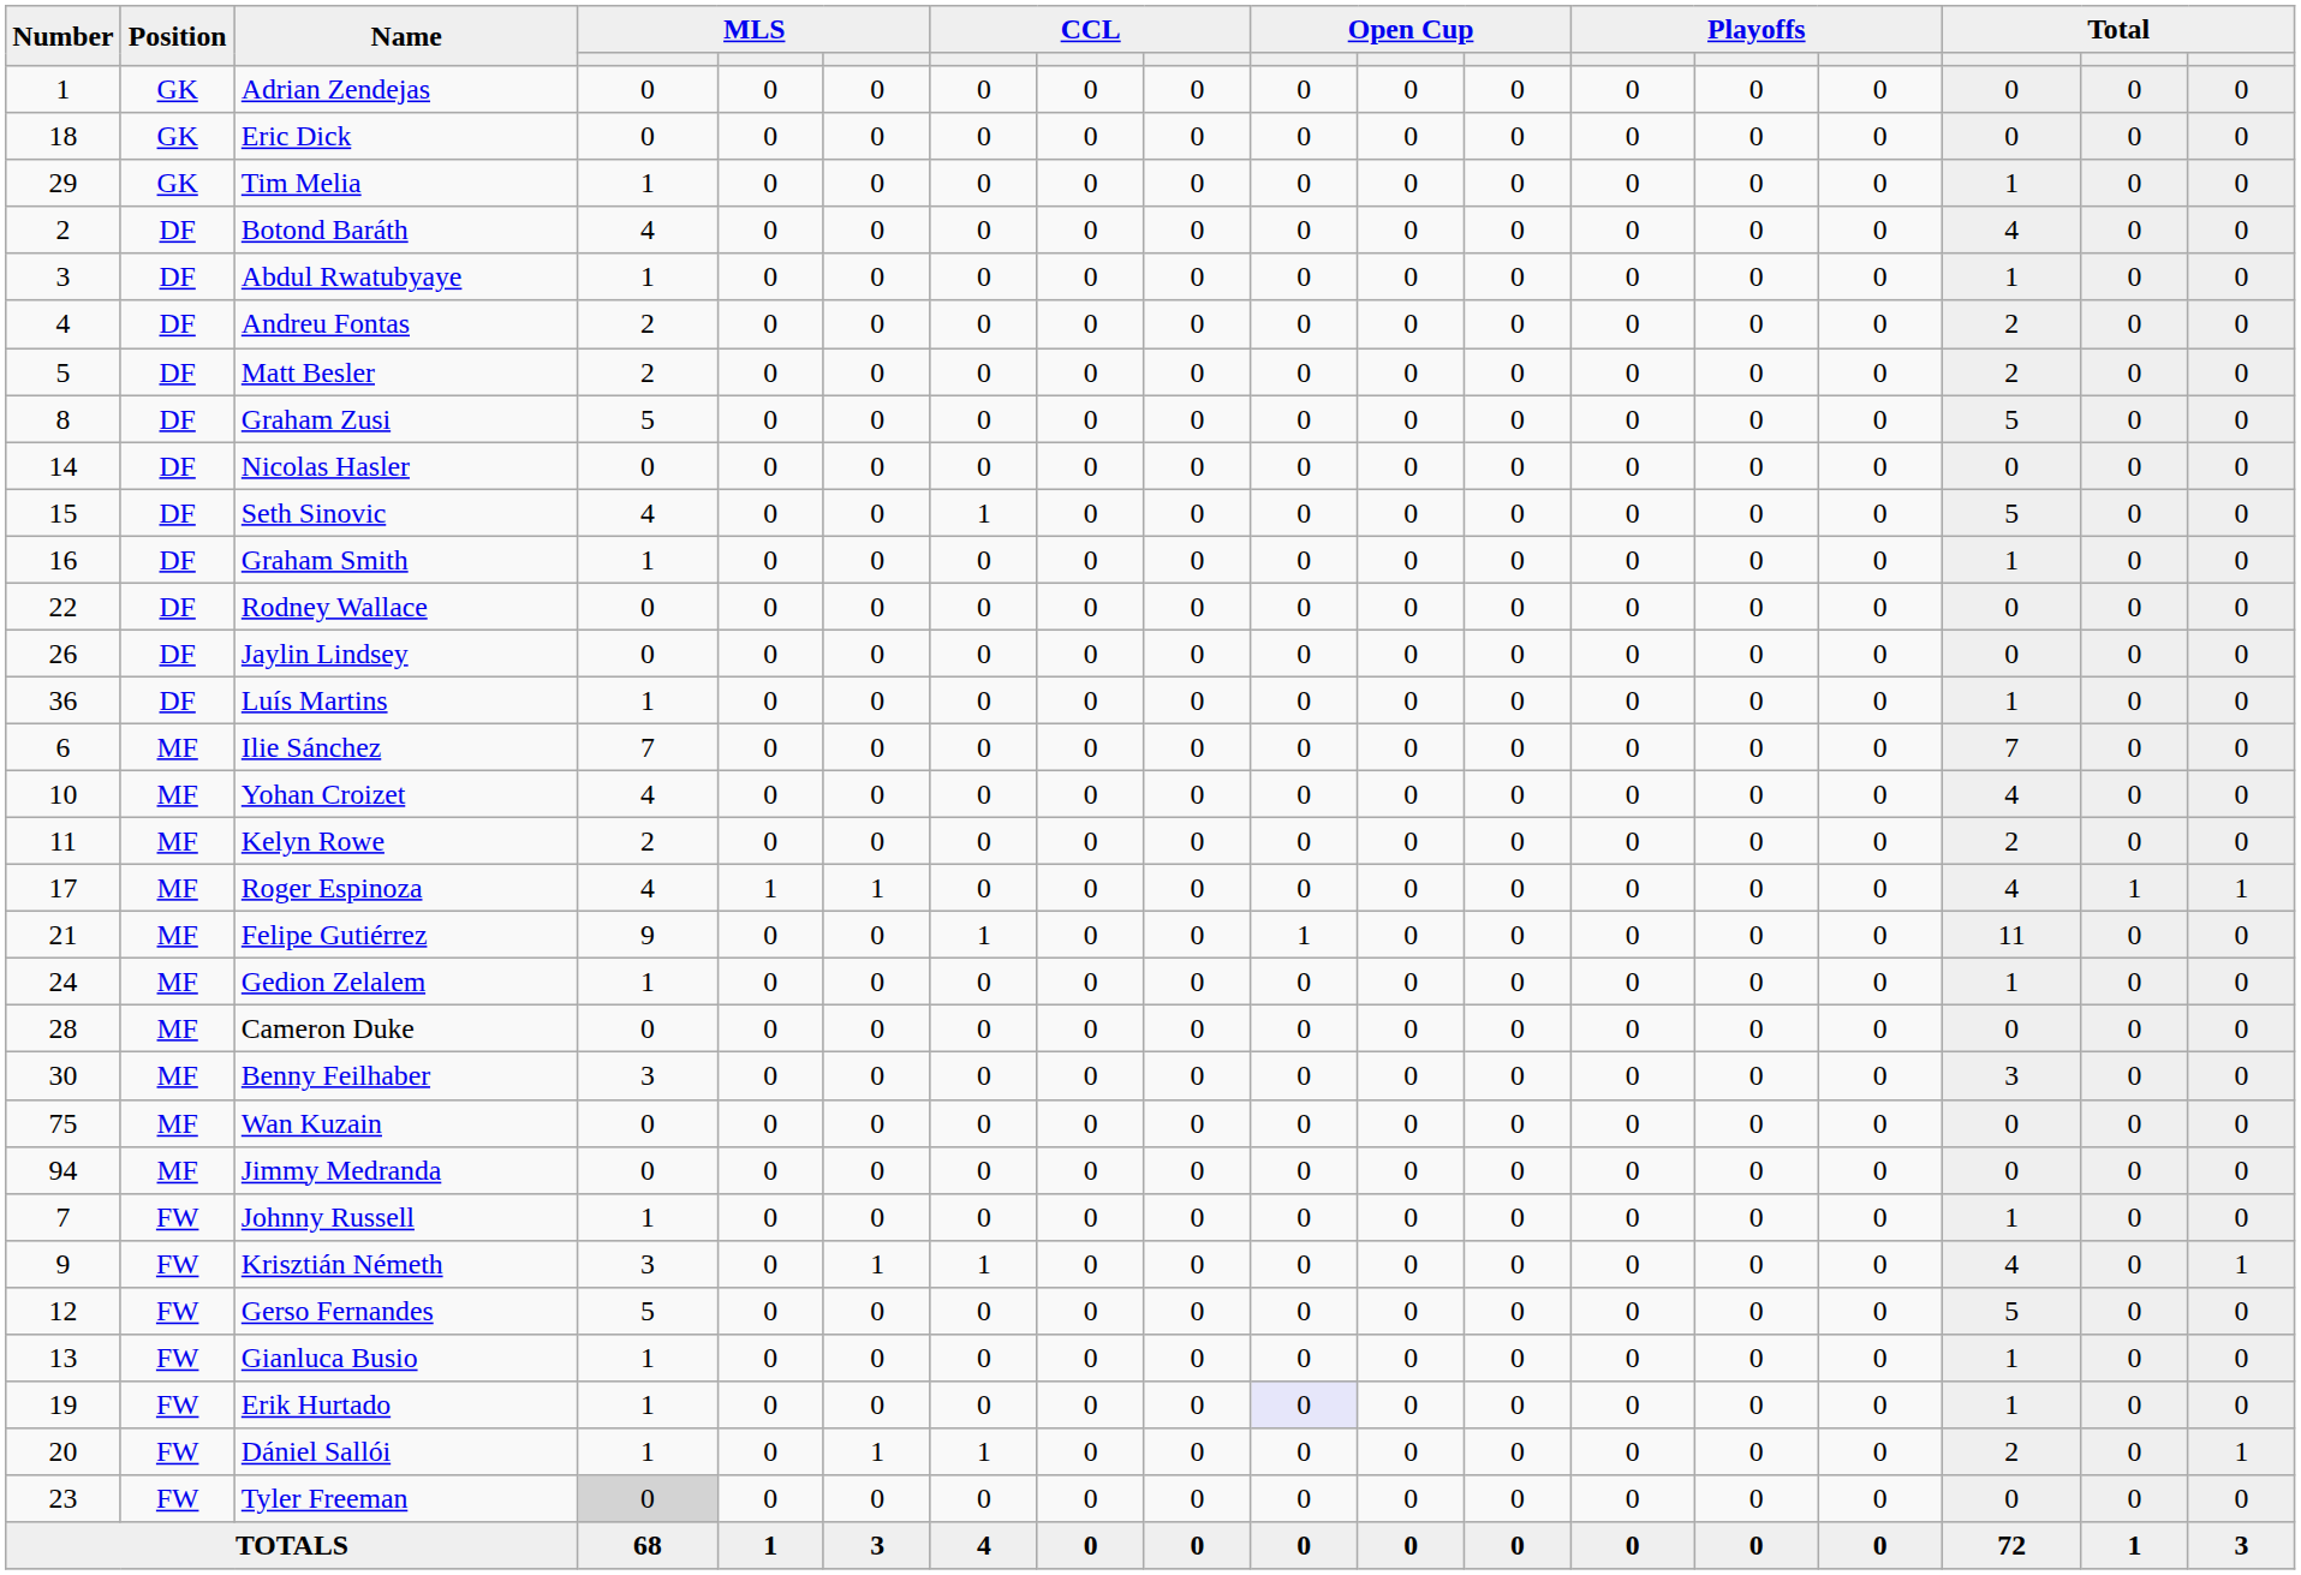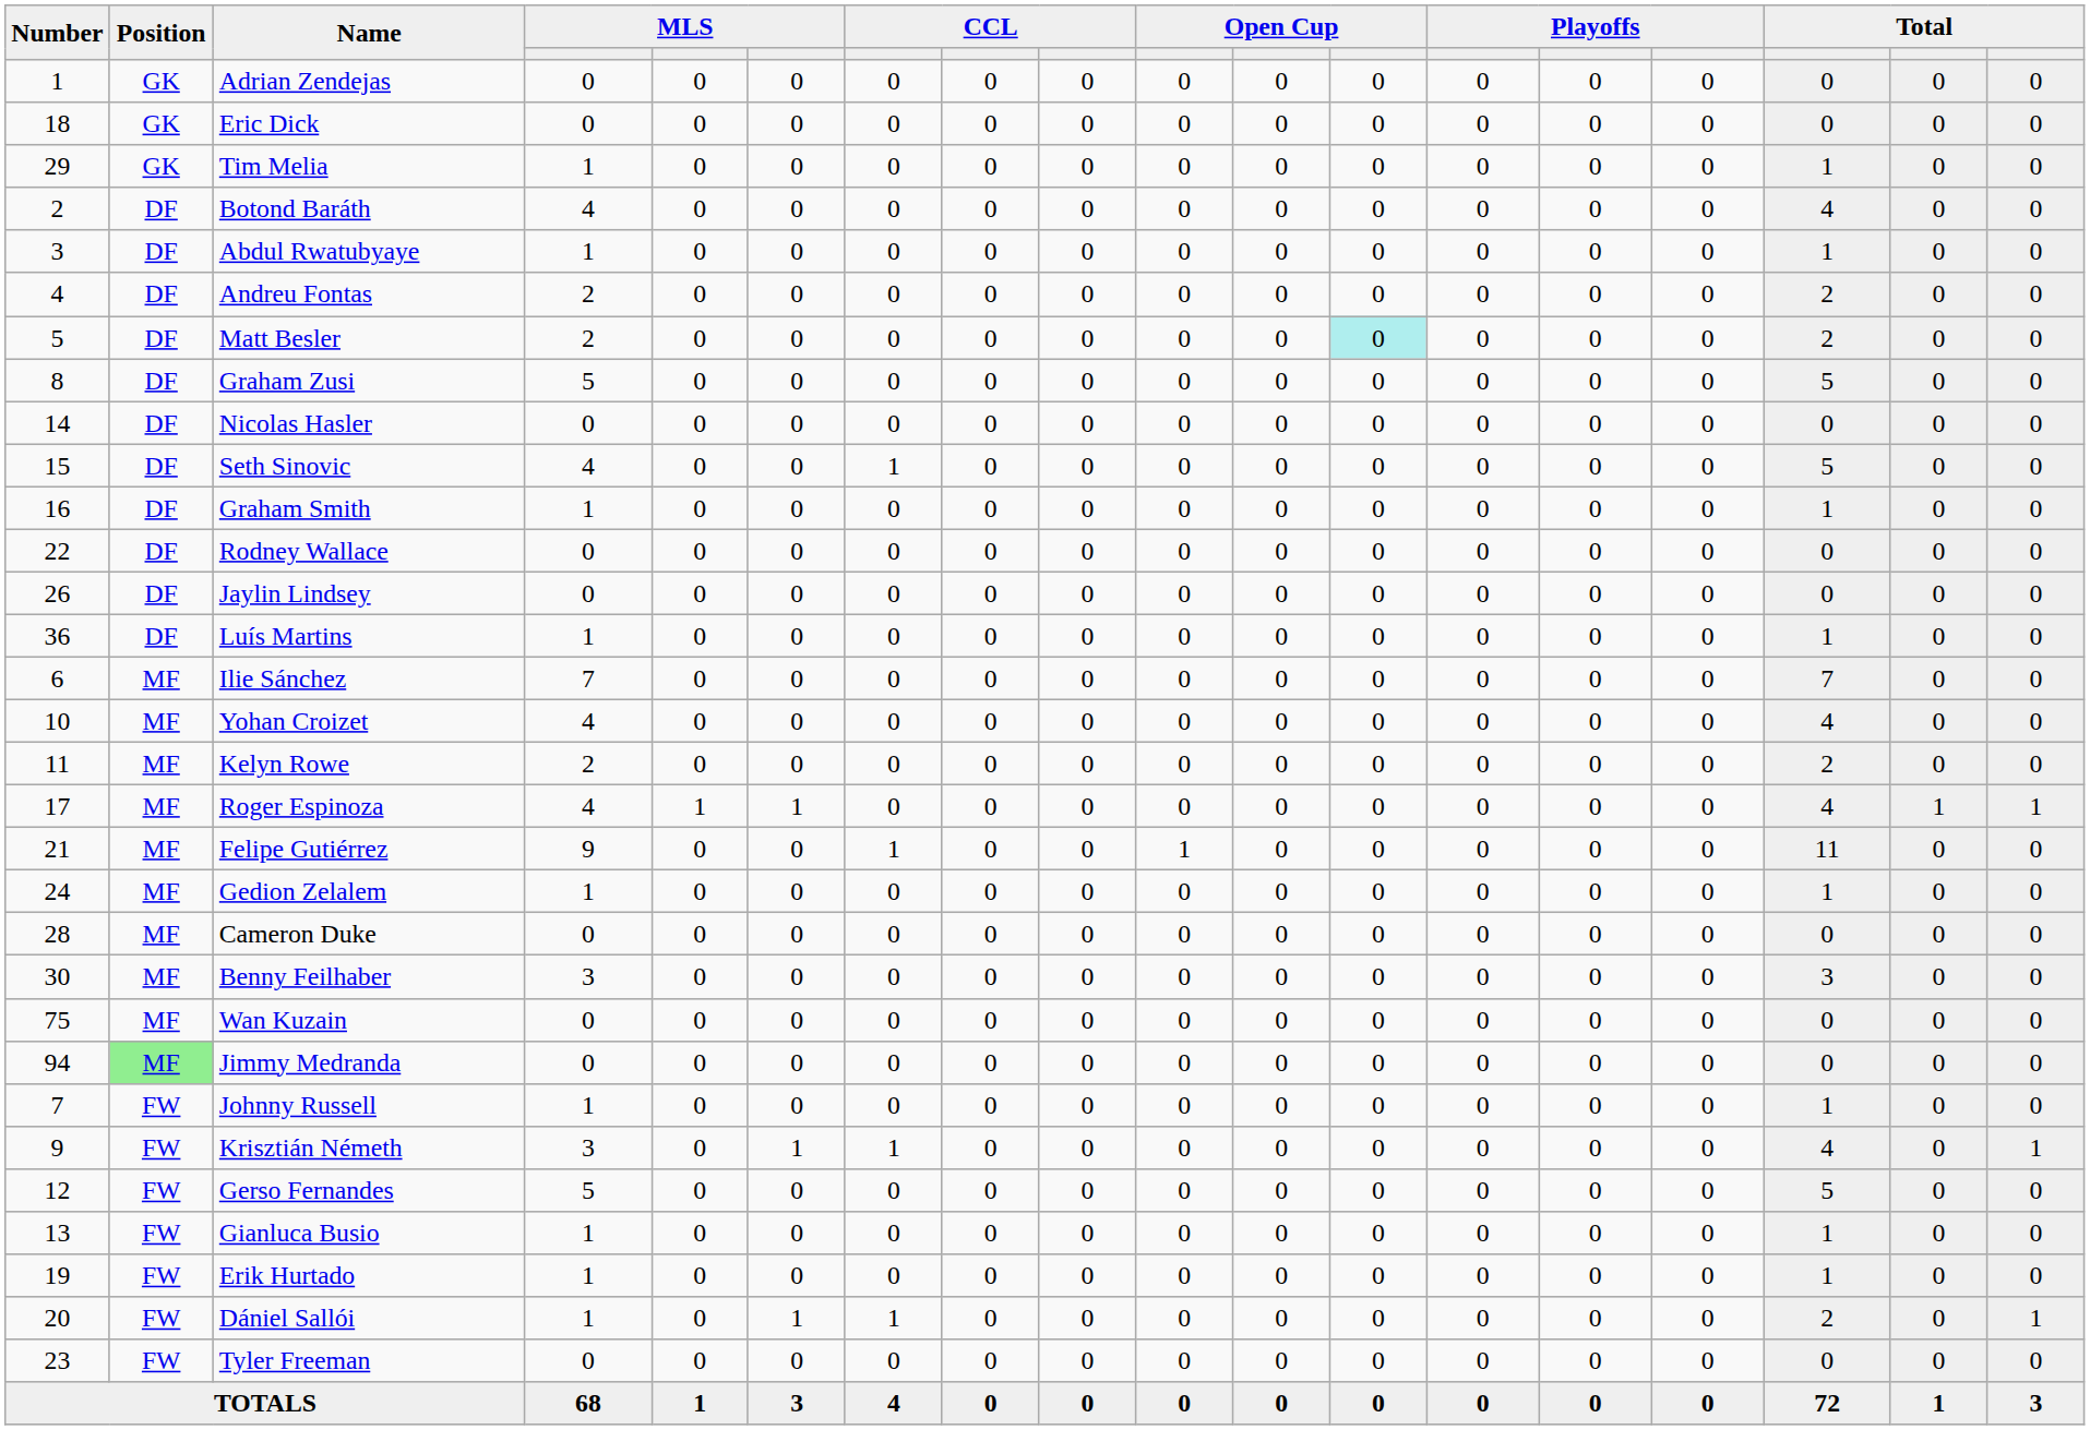 <table class="wikitable sortable" style="font-size: 95%; text-align: center;">
 <tr>
 <td rowspan="2" width="5%" align="center" bgcolor="#efefef"><strong>Number</strong></td>
 <td rowspan="2" width="5%" align="center" bgcolor="#efefef"><strong>Position</strong></td>
 <td rowspan="2" width="15%" align="center" bgcolor="#efefef"><strong>Name</strong></td>
 <td colspan="3" align="center" bgcolor="#efefef"><strong><a href='#'>MLS</a></strong></td>
 <td colspan="3" align="center" bgcolor="#efefef"><strong><a href='#'>CCL</a></strong></td>
 <td colspan="3" align="center" bgcolor="#efefef"><strong><a href='#'>Open Cup</a></strong></td>
 <td colspan="3" align="center" bgcolor="#efefef"><strong><a href='#'>Playoffs</a></strong></td>
 <td colspan="3" align="center" bgcolor="#efefef"><strong>Total</strong></td>
 </tr>
 <tr>
 <th width="10" style="background: #efefef"></th>
 <th width="10" style="background: #efefef"></th>
 <th width="10" style="background: #efefef"></th>
 <th width="10" style="background: #efefef"></th>
 <th width="10" style="background: #efefef"></th>
 <th width="10" style="background: #efefef"></th>
 <th width="10" style="background: #efefef"></th>
 <th width="10" style="background: #efefef"></th>
 <th width="10" style="background: #efefef"></th>
 <th width="10" style="background: #efefef"></th>
 <th width="10" style="background: #efefef"></th>
 <th width="10" style="background: #efefef"></th>
 <th width="10" style="background: #efefef"></th>
 <th width="10" style="background: #efefef"></th>
 <th width="10" style="background: #efefef"></th>
 </tr>
 <tr>
 <td>1</td>
 <td><a href='#'>GK</a></td>
 <td align="left"><a href='#'>Adrian Zendejas</a></td>
 <td>0</td>
 <td>0</td>
 <td>0</td>
 <td>0</td>
 <td>0</td>
 <td>0</td>
 <td>0</td>
 <td>0</td>
 <td>0</td>
 <td>0</td>
 <td>0</td>
 <td>0</td>
 <td bgcolor="#efefef">0</td>
 <td bgcolor="#efefef">0</td>
 <td bgcolor="#efefef">0</td>
 </tr>
 <tr>
 <td>18</td>
 <td><a href='#'>GK</a></td>
 <td align="left"><a href='#'>Eric Dick</a></td>
 <td>0</td>
 <td>0</td>
 <td>0</td>
 <td>0</td>
 <td>0</td>
 <td>0</td>
 <td>0</td>
 <td>0</td>
 <td>0</td>
 <td>0</td>
 <td>0</td>
 <td>0</td>
 <td bgcolor="#efefef">0</td>
 <td bgcolor="#efefef">0</td>
 <td bgcolor="#efefef">0</td>
 </tr>
 <tr>
 <td>29</td>
 <td><a href='#'>GK</a></td>
 <td align="left"><a href='#'>Tim Melia</a></td>
 <td>1</td>
 <td>0</td>
 <td>0</td>
 <td>0</td>
 <td>0</td>
 <td>0</td>
 <td>0</td>
 <td>0</td>
 <td>0</td>
 <td>0</td>
 <td>0</td>
 <td>0</td>
 <td bgcolor="#efefef">1</td>
 <td bgcolor="#efefef">0</td>
 <td bgcolor="#efefef">0</td>
 </tr>
 <tr>
 <td>2</td>
 <td><a href='#'>DF</a></td>
 <td align="left"><a href='#'>Botond Baráth</a></td>
 <td>4</td>
 <td>0</td>
 <td>0</td>
 <td>0</td>
 <td>0</td>
 <td>0</td>
 <td>0</td>
 <td>0</td>
 <td>0</td>
 <td>0</td>
 <td>0</td>
 <td>0</td>
 <td bgcolor="#efefef">4</td>
 <td bgcolor="#efefef">0</td>
 <td bgcolor="#efefef">0</td>
 </tr>
 <tr>
 <td>3</td>
 <td><a href='#'>DF</a></td>
 <td align="left"><a href='#'>Abdul Rwatubyaye</a></td>
 <td>1</td>
 <td>0</td>
 <td>0</td>
 <td>0</td>
 <td>0</td>
 <td>0</td>
 <td>0</td>
 <td>0</td>
 <td>0</td>
 <td>0</td>
 <td>0</td>
 <td>0</td>
 <td bgcolor="#efefef">1</td>
 <td bgcolor="#efefef">0</td>
 <td bgcolor="#efefef">0</td>
 </tr>
 <tr>
 <td>4</td>
 <td><a href='#'>DF</a></td>
 <td align="left"><a href='#'>Andreu Fontas</a></td>
 <td>2</td>
 <td>0</td>
 <td>0</td>
 <td>0</td>
 <td>0</td>
 <td>0</td>
 <td>0</td>
 <td>0</td>
 <td>0</td>
 <td>0</td>
 <td>0</td>
 <td>0</td>
 <td bgcolor="#efefef">2</td>
 <td bgcolor="#efefef">0</td>
 <td bgcolor="#efefef">0</td>
 </tr>
 <tr>
 <td>5</td>
 <td><a href='#'>DF</a></td>
 <td align="left"><a href='#'>Matt Besler</a></td>
 <td>2</td>
 <td>0</td>
 <td>0</td>
 <td>0</td>
 <td>0</td>
 <td>0</td>
 <td>0</td>
 <td>0</td>
-<td>0</td>
+<td style="background: paleturquoise;">0</td>
 <td>0</td>
 <td>0</td>
 <td>0</td>
 <td bgcolor="#efefef">2</td>
 <td bgcolor="#efefef">0</td>
 <td bgcolor="#efefef">0</td>
 </tr>
 <tr>
 <td>8</td>
 <td><a href='#'>DF</a></td>
 <td align="left"><a href='#'>Graham Zusi</a></td>
 <td>5</td>
 <td>0</td>
 <td>0</td>
 <td>0</td>
 <td>0</td>
 <td>0</td>
 <td>0</td>
 <td>0</td>
 <td>0</td>
 <td>0</td>
 <td>0</td>
 <td>0</td>
 <td bgcolor="#efefef">5</td>
 <td bgcolor="#efefef">0</td>
 <td bgcolor="#efefef">0</td>
 </tr>
 <tr>
 <td>14</td>
 <td><a href='#'>DF</a></td>
 <td align="left"><a href='#'>Nicolas Hasler</a></td>
 <td>0</td>
 <td>0</td>
 <td>0</td>
 <td>0</td>
 <td>0</td>
 <td>0</td>
 <td>0</td>
 <td>0</td>
 <td>0</td>
 <td>0</td>
 <td>0</td>
 <td>0</td>
 <td bgcolor="#efefef">0</td>
 <td bgcolor="#efefef">0</td>
 <td bgcolor="#efefef">0</td>
 </tr>
 <tr>
 <td>15</td>
 <td><a href='#'>DF</a></td>
 <td align="left"><a href='#'>Seth Sinovic</a></td>
 <td>4</td>
 <td>0</td>
 <td>0</td>
 <td>1</td>
 <td>0</td>
 <td>0</td>
 <td>0</td>
 <td>0</td>
 <td>0</td>
 <td>0</td>
 <td>0</td>
 <td>0</td>
 <td bgcolor="#efefef">5</td>
 <td bgcolor="#efefef">0</td>
 <td bgcolor="#efefef">0</td>
 </tr>
 <tr>
 <td>16</td>
 <td><a href='#'>DF</a></td>
 <td align="left"><a href='#'>Graham Smith</a></td>
 <td>1</td>
 <td>0</td>
 <td>0</td>
 <td>0</td>
 <td>0</td>
 <td>0</td>
 <td>0</td>
 <td>0</td>
 <td>0</td>
 <td>0</td>
 <td>0</td>
 <td>0</td>
 <td bgcolor="#efefef">1</td>
 <td bgcolor="#efefef">0</td>
 <td bgcolor="#efefef">0</td>
 </tr>
 <tr>
 <td>22</td>
 <td><a href='#'>DF</a></td>
 <td align="left"><a href='#'>Rodney Wallace</a></td>
 <td>0</td>
 <td>0</td>
 <td>0</td>
 <td>0</td>
 <td>0</td>
 <td>0</td>
 <td>0</td>
 <td>0</td>
 <td>0</td>
 <td>0</td>
 <td>0</td>
 <td>0</td>
 <td bgcolor="#efefef">0</td>
 <td bgcolor="#efefef">0</td>
 <td bgcolor="#efefef">0</td>
 </tr>
 <tr>
 <td>26</td>
 <td><a href='#'>DF</a></td>
 <td align="left"><a href='#'>Jaylin Lindsey</a></td>
 <td>0</td>
 <td>0</td>
 <td>0</td>
 <td>0</td>
 <td>0</td>
 <td>0</td>
 <td>0</td>
 <td>0</td>
 <td>0</td>
 <td>0</td>
 <td>0</td>
 <td>0</td>
 <td bgcolor="#efefef">0</td>
 <td bgcolor="#efefef">0</td>
 <td bgcolor="#efefef">0</td>
 </tr>
 <tr>
 <td>36</td>
 <td><a href='#'>DF</a></td>
 <td align="left"><a href='#'>Luís Martins</a></td>
 <td>1</td>
 <td>0</td>
 <td>0</td>
 <td>0</td>
 <td>0</td>
 <td>0</td>
 <td>0</td>
 <td>0</td>
 <td>0</td>
 <td>0</td>
 <td>0</td>
 <td>0</td>
 <td bgcolor="#efefef">1</td>
 <td bgcolor="#efefef">0</td>
 <td bgcolor="#efefef">0</td>
 </tr>
 <tr>
 <td>6</td>
 <td><a href='#'>MF</a></td>
 <td align="left"><a href='#'>Ilie Sánchez</a></td>
 <td>7</td>
 <td>0</td>
 <td>0</td>
 <td>0</td>
 <td>0</td>
 <td>0</td>
 <td>0</td>
 <td>0</td>
 <td>0</td>
 <td>0</td>
 <td>0</td>
 <td>0</td>
 <td bgcolor="#efefef">7</td>
 <td bgcolor="#efefef">0</td>
 <td bgcolor="#efefef">0</td>
 </tr>
 <tr>
 <td>10</td>
 <td><a href='#'>MF</a></td>
 <td align="left"><a href='#'>Yohan Croizet</a></td>
 <td>4</td>
 <td>0</td>
 <td>0</td>
 <td>0</td>
 <td>0</td>
 <td>0</td>
 <td>0</td>
 <td>0</td>
 <td>0</td>
 <td>0</td>
 <td>0</td>
 <td>0</td>
 <td bgcolor="#efefef">4</td>
 <td bgcolor="#efefef">0</td>
 <td bgcolor="#efefef">0</td>
 </tr>
 <tr>
 <td>11</td>
 <td><a href='#'>MF</a></td>
 <td align="left"><a href='#'>Kelyn Rowe</a></td>
 <td>2</td>
 <td>0</td>
 <td>0</td>
 <td>0</td>
 <td>0</td>
 <td>0</td>
 <td>0</td>
 <td>0</td>
 <td>0</td>
 <td>0</td>
 <td>0</td>
 <td>0</td>
 <td bgcolor="#efefef">2</td>
 <td bgcolor="#efefef">0</td>
 <td bgcolor="#efefef">0</td>
 </tr>
 <tr>
 <td>17</td>
 <td><a href='#'>MF</a></td>
 <td align="left"><a href='#'>Roger Espinoza</a></td>
 <td>4</td>
 <td>1</td>
 <td>1</td>
 <td>0</td>
 <td>0</td>
 <td>0</td>
 <td>0</td>
 <td>0</td>
 <td>0</td>
 <td>0</td>
 <td>0</td>
 <td>0</td>
 <td bgcolor="#efefef">4</td>
 <td bgcolor="#efefef">1</td>
 <td bgcolor="#efefef">1</td>
 </tr>
 <tr>
 <td>21</td>
 <td><a href='#'>MF</a></td>
 <td align="left"><a href='#'>Felipe Gutiérrez</a></td>
 <td>9</td>
 <td>0</td>
 <td>0</td>
 <td>1</td>
 <td>0</td>
 <td>0</td>
 <td>1</td>
 <td>0</td>
 <td>0</td>
 <td>0</td>
 <td>0</td>
 <td>0</td>
 <td bgcolor="#efefef">11</td>
 <td bgcolor="#efefef">0</td>
 <td bgcolor="#efefef">0</td>
 </tr>
 <tr>
 <td>24</td>
 <td><a href='#'>MF</a></td>
 <td align="left"><a href='#'>Gedion Zelalem</a></td>
 <td>1</td>
 <td>0</td>
 <td>0</td>
 <td>0</td>
 <td>0</td>
 <td>0</td>
 <td>0</td>
 <td>0</td>
 <td>0</td>
 <td>0</td>
 <td>0</td>
 <td>0</td>
 <td bgcolor="#efefef">1</td>
 <td bgcolor="#efefef">0</td>
 <td bgcolor="#efefef">0</td>
 </tr>
 <tr>
 <td>28</td>
 <td><a href='#'>MF</a></td>
 <td align="left">Cameron Duke</td>
 <td>0</td>
 <td>0</td>
 <td>0</td>
 <td>0</td>
 <td>0</td>
 <td>0</td>
 <td>0</td>
 <td>0</td>
 <td>0</td>
 <td>0</td>
 <td>0</td>
 <td>0</td>
 <td bgcolor="#efefef">0</td>
 <td bgcolor="#efefef">0</td>
 <td bgcolor="#efefef">0</td>
 </tr>
 <tr>
 <td>30</td>
 <td><a href='#'>MF</a></td>
 <td align="left"><a href='#'>Benny Feilhaber</a></td>
 <td>3</td>
 <td>0</td>
 <td>0</td>
 <td>0</td>
 <td>0</td>
 <td>0</td>
 <td>0</td>
 <td>0</td>
 <td>0</td>
 <td>0</td>
 <td>0</td>
 <td>0</td>
 <td bgcolor="#efefef">3</td>
 <td bgcolor="#efefef">0</td>
 <td bgcolor="#efefef">0</td>
 </tr>
 <tr>
 <td>75</td>
 <td><a href='#'>MF</a></td>
 <td align="left"><a href='#'>Wan Kuzain</a></td>
 <td>0</td>
 <td>0</td>
 <td>0</td>
 <td>0</td>
 <td>0</td>
 <td>0</td>
 <td>0</td>
 <td>0</td>
 <td>0</td>
 <td>0</td>
 <td>0</td>
 <td>0</td>
 <td bgcolor="#efefef">0</td>
 <td bgcolor="#efefef">0</td>
 <td bgcolor="#efefef">0</td>
 </tr>
 <tr>
 <td>94</td>
-<td><a href='#'>MF</a></td>
+<td style="background: lightgreen;"><a href='#'>MF</a></td>
 <td align="left"><a href='#'>Jimmy Medranda</a></td>
 <td>0</td>
 <td>0</td>
 <td>0</td>
 <td>0</td>
 <td>0</td>
 <td>0</td>
 <td>0</td>
 <td>0</td>
 <td>0</td>
 <td>0</td>
 <td>0</td>
 <td>0</td>
 <td bgcolor="#efefef">0</td>
 <td bgcolor="#efefef">0</td>
 <td bgcolor="#efefef">0</td>
 </tr>
 <tr>
 <td>7</td>
 <td><a href='#'>FW</a></td>
 <td align="left"><a href='#'>Johnny Russell</a></td>
 <td>1</td>
 <td>0</td>
 <td>0</td>
 <td>0</td>
 <td>0</td>
 <td>0</td>
 <td>0</td>
 <td>0</td>
 <td>0</td>
 <td>0</td>
 <td>0</td>
 <td>0</td>
 <td bgcolor="#efefef">1</td>
 <td bgcolor="#efefef">0</td>
 <td bgcolor="#efefef">0</td>
 </tr>
 <tr>
 <td>9</td>
 <td><a href='#'>FW</a></td>
 <td align="left"><a href='#'>Krisztián Németh</a></td>
 <td>3</td>
 <td>0</td>
 <td>1</td>
 <td>1</td>
 <td>0</td>
 <td>0</td>
 <td>0</td>
 <td>0</td>
 <td>0</td>
 <td>0</td>
 <td>0</td>
 <td>0</td>
 <td bgcolor="#efefef">4</td>
 <td bgcolor="#efefef">0</td>
 <td bgcolor="#efefef">1</td>
 </tr>
 <tr>
 <td>12</td>
 <td><a href='#'>FW</a></td>
 <td align="left"><a href='#'>Gerso Fernandes</a></td>
 <td>5</td>
 <td>0</td>
 <td>0</td>
 <td>0</td>
 <td>0</td>
 <td>0</td>
 <td>0</td>
 <td>0</td>
 <td>0</td>
 <td>0</td>
 <td>0</td>
 <td>0</td>
 <td bgcolor="#efefef">5</td>
 <td bgcolor="#efefef">0</td>
 <td bgcolor="#efefef">0</td>
 </tr>
 <tr>
 <td>13</td>
 <td><a href='#'>FW</a></td>
 <td align="left"><a href='#'>Gianluca Busio</a></td>
 <td>1</td>
 <td>0</td>
 <td>0</td>
 <td>0</td>
 <td>0</td>
 <td>0</td>
 <td>0</td>
 <td>0</td>
 <td>0</td>
 <td>0</td>
 <td>0</td>
 <td>0</td>
 <td bgcolor="#efefef">1</td>
 <td bgcolor="#efefef">0</td>
 <td bgcolor="#efefef">0</td>
 </tr>
 <tr>
 <td>19</td>
 <td><a href='#'>FW</a></td>
 <td align="left"><a href='#'>Erik Hurtado</a></td>
 <td>1</td>
 <td>0</td>
 <td>0</td>
 <td>0</td>
 <td>0</td>
 <td>0</td>
-<td style="background: lavender;">0</td>
+<td>0</td>
 <td>0</td>
 <td>0</td>
 <td>0</td>
 <td>0</td>
 <td>0</td>
 <td bgcolor="#efefef">1</td>
 <td bgcolor="#efefef">0</td>
 <td bgcolor="#efefef">0</td>
 </tr>
 <tr>
 <td>20</td>
 <td><a href='#'>FW</a></td>
 <td align="left"><a href='#'>Dániel Sallói</a></td>
 <td>1</td>
 <td>0</td>
 <td>1</td>
 <td>1</td>
 <td>0</td>
 <td>0</td>
 <td>0</td>
 <td>0</td>
 <td>0</td>
 <td>0</td>
 <td>0</td>
 <td>0</td>
 <td bgcolor="#efefef">2</td>
 <td bgcolor="#efefef">0</td>
 <td bgcolor="#efefef">1</td>
 </tr>
 <tr>
 <td>23</td>
 <td><a href='#'>FW</a></td>
 <td align="left"><a href='#'>Tyler Freeman</a></td>
-<td style="background: lightgrey;">0</td>
+<td>0</td>
 <td>0</td>
 <td>0</td>
 <td>0</td>
 <td>0</td>
 <td>0</td>
 <td>0</td>
 <td>0</td>
 <td>0</td>
 <td>0</td>
 <td>0</td>
 <td>0</td>
 <td bgcolor="#efefef">0</td>
 <td bgcolor="#efefef">0</td>
 <td bgcolor="#efefef">0</td>
 </tr>
 <tr bgcolor="#efefef">
 <td colspan="3"><strong>TOTALS</strong></td>
 <td><strong>68</strong></td>
 <td><strong>1</strong></td>
 <td><strong>3</strong></td>
 <td><strong>4</strong></td>
 <td><strong>0</strong></td>
 <td><strong>0</strong></td>
 <td><strong>0</strong></td>
 <td><strong>0</strong></td>
 <td><strong>0</strong></td>
 <td><strong>0</strong></td>
 <td><strong>0</strong></td>
 <td><strong>0</strong></td>
 <td><strong>72</strong></td>
 <td><strong>1</strong></td>
 <td><strong>3</strong></td>
 </tr>
 </table>
